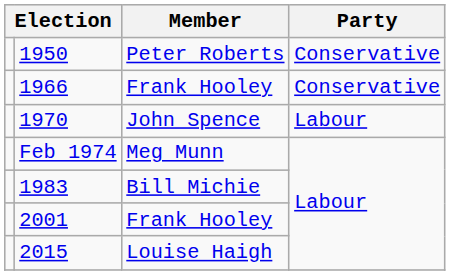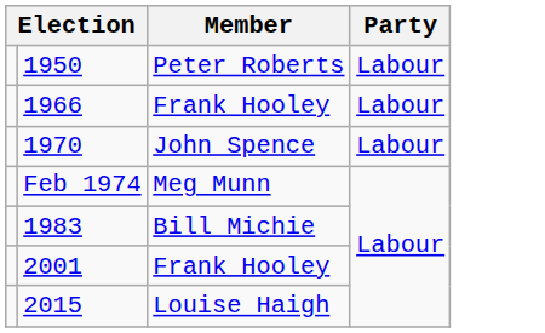 <table class="wikitable">
 <tr>
 <th colspan="2">Election</th>
 <th>Member</th>
 <th>Party</th>
 </tr>
 <tr>
 <td style="color:inherit;background-color: "></td>
 <td><a href='#'>1950</a></td>
 <td><a href='#'>Peter Roberts</a></td>
-<td><a href='#'>Conservative</a></td>
+<td><a href='#'>Labour</a></td>
 </tr>
 <tr>
 <td style="color:inherit;background-color: "></td>
 <td><a href='#'>1966</a></td>
 <td><a href='#'>Frank Hooley</a></td>
-<td><a href='#'>Conservative</a></td>
+<td><a href='#'>Labour</a></td>
 </tr>
 <tr>
 <td style="color:inherit;background-color: "></td>
 <td><a href='#'>1970</a></td>
 <td><a href='#'>John Spence</a></td>
 <td><a href='#'>Labour</a></td>
 </tr>
 <tr>
 <td style="color:inherit;background-color: "></td>
 <td><a href='#'>Feb 1974</a></td>
 <td><a href='#'>Meg Munn</a></td>
 <td rowspan="4"><a href='#'>Labour</a></td>
 </tr>
 <tr>
 <td style="color:inherit;background-color: "></td>
 <td><a href='#'>1983</a></td>
 <td><a href='#'>Bill Michie</a></td>
 </tr>
 <tr>
 <td style="color:inherit;background-color: "></td>
 <td><a href='#'>2001</a></td>
 <td><a href='#'>Frank Hooley</a></td>
 </tr>
 <tr>
 <td style="color:inherit;background-color: "></td>
 <td><a href='#'>2015</a></td>
 <td><a href='#'>Louise Haigh</a></td>
 </tr>
 </table>
